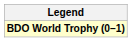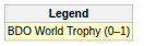 <table class="wikitable">
 <tr>
 <th>Legend</th>
 </tr>
 <tr style="background:#ffc;">
-<td><strong>BDO World Trophy (0–1)</strong></td>
+<td>BDO World Trophy (0–1)</td>
 </tr>
 </table>
